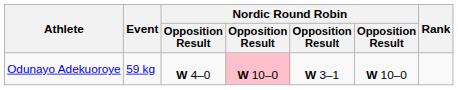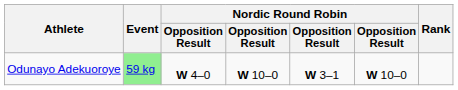 <table class="wikitable" style="font-size:90%; text-align:center">
 <tr>
 <th rowspan=2>Athlete</th>
 <th rowspan=2>Event</th>
 <th colspan=4>Nordic Round Robin</th>
 <th rowspan=2>Rank</th>
 </tr>
 <tr style="font-size: 95%">
 <th>Opposition<br>Result</th>
 <th>Opposition<br>Result</th>
 <th>Opposition<br>Result</th>
 <th>Opposition<br>Result</th>
 </tr>
 <tr>
 <td align=left><a href='#'>Odunayo Adekuoroye</a></td>
-<td align=left><a href='#'>59 kg</a></td>
+<td align=left style="background: lightgreen;"><a href='#'>59 kg</a></td>
 <td><br><strong>W</strong> 4–0</td>
-<td style="background: pink;"><br><strong>W</strong> 10–0</td>
+<td><br><strong>W</strong> 10–0</td>
 <td><br><strong>W</strong> 3–1</td>
 <td><br><strong>W</strong> 10–0</td>
 <td></td>
 </tr>
 </table>
